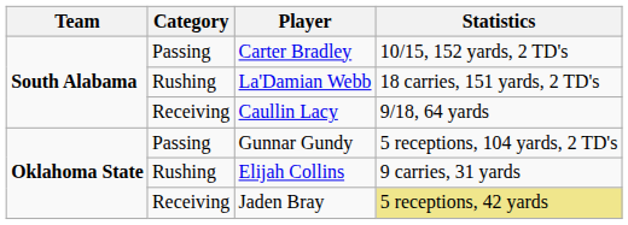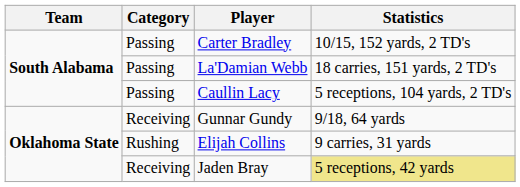 <table class="wikitable" style="float: right;">
 <tr>
 <th>Team</th>
 <th>Category</th>
 <th>Player</th>
 <th>Statistics</th>
 </tr>
 <tr>
 <td rowspan=3><strong>South Alabama</strong></td>
 <td>Passing</td>
 <td><a href='#'>Carter Bradley</a></td>
 <td>10/15, 152 yards, 2 TD's</td>
 </tr>
 <tr>
-<td>Rushing</td>
+<td>Passing</td>
 <td><a href='#'>La'Damian Webb</a></td>
 <td>18 carries, 151 yards, 2 TD's</td>
 </tr>
 <tr>
-<td>Receiving</td>
+<td>Passing</td>
 <td><a href='#'>Caullin Lacy</a></td>
-<td>9/18, 64 yards</td>
+<td>5 receptions, 104 yards, 2 TD's</td>
 </tr>
 <tr>
 <td rowspan=3><strong>Oklahoma State</strong></td>
-<td>Passing</td>
+<td>Receiving</td>
 <td>Gunnar Gundy</td>
-<td>5 receptions, 104 yards, 2 TD's</td>
+<td>9/18, 64 yards</td>
 </tr>
 <tr>
 <td>Rushing</td>
 <td><a href='#'>Elijah Collins</a></td>
 <td>9 carries, 31 yards</td>
 </tr>
 <tr>
 <td>Receiving</td>
 <td>Jaden Bray</td>
 <td style="background: khaki;">5 receptions, 42 yards</td>
 </tr>
 </table>
